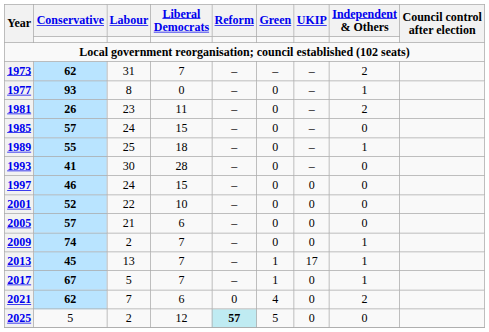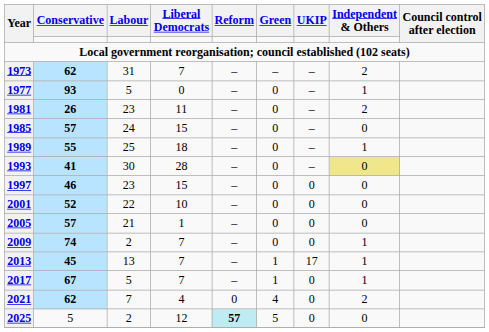 <table class="wikitable plainrowheaders" style="text-align:center">
 <tr>
 <th scope="col" rowspan="2">Year</th>
 <th scope="col"><a href='#'>Conservative</a></th>
 <th scope="col"><a href='#'>Labour</a></th>
 <th scope="col" style="width:1px"><a href='#'>Liberal Democrats</a></th>
 <th scope="col"><a href='#'>Reform</a></th>
 <th scope="col"><a href='#'>Green</a></th>
 <th scope="col"><a href='#'>UKIP</a></th>
 <th scope="col"><a href='#'>Independent</a><br>& Others</th>
 <th scope="col" rowspan="2" colspan="2">Council control<br>after election</th>
 </tr>
 <tr>
 <td style="background:"></td>
 <td style="background:"></td>
 <td style="background:"></td>
 <td style="background:"></td>
 <td style="background:"></td>
 <td style="background:"></td>
 <td style="background:"></td>
 </tr>
 <tr>
 <td colspan="10"><strong>Local government reorganisation; council established (102 seats)</strong></td>
 </tr>
 <tr>
 <th scope="row"><a href='#'>1973</a></th>
 <td style="background:#B9E4FF;"><strong>62</strong></td>
 <td>31</td>
 <td>7</td>
 <td>–</td>
 <td>–</td>
 <td>–</td>
 <td>2</td>
 <td></td>
 </tr>
 <tr>
 <th scope="row"><a href='#'>1977</a></th>
 <td style="background:#B9E4FF;"><strong>93</strong></td>
-<td>8</td>
+<td>5</td>
 <td>0</td>
 <td>–</td>
 <td>0</td>
 <td>–</td>
 <td>1</td>
 <td></td>
 </tr>
 <tr>
 <th scope="row"><a href='#'>1981</a></th>
 <td style="background:#B9E4FF;"><strong>26</strong></td>
 <td>23</td>
 <td>11</td>
 <td>–</td>
 <td>0</td>
 <td>–</td>
 <td>2</td>
 <td></td>
 </tr>
 <tr>
 <th scope="row"><a href='#'>1985</a></th>
 <td style="background:#B9E4FF;"><strong>57</strong></td>
 <td>24</td>
 <td>15</td>
 <td>–</td>
 <td>0</td>
 <td>–</td>
 <td>0</td>
 <td></td>
 </tr>
 <tr>
 <th scope="row"><a href='#'>1989</a></th>
 <td style="background:#B9E4FF;"><strong>55</strong></td>
 <td>25</td>
 <td>18</td>
 <td>–</td>
 <td>0</td>
 <td>–</td>
 <td>1</td>
 <td></td>
 </tr>
 <tr>
 <th scope="row"><a href='#'>1993</a></th>
 <td style="background:#B9E4FF;"><strong>41</strong></td>
 <td>30</td>
 <td>28</td>
 <td>–</td>
 <td>0</td>
 <td>–</td>
-<td>0</td>
+<td style="background: khaki;">0</td>
 <td></td>
 </tr>
 <tr>
 <th scope="row"><a href='#'>1997</a></th>
 <td style="background:#B9E4FF;"><strong>46</strong></td>
-<td>24</td>
+<td>23</td>
 <td>15</td>
 <td>–</td>
 <td>0</td>
 <td>0</td>
 <td>0</td>
 <td></td>
 </tr>
 <tr>
 <th scope="row"><a href='#'>2001</a></th>
 <td style="background:#B9E4FF;"><strong>52</strong></td>
 <td>22</td>
 <td>10</td>
 <td>–</td>
 <td>0</td>
 <td>0</td>
 <td>0</td>
 <td></td>
 </tr>
 <tr>
 <th scope="row"><a href='#'>2005</a></th>
 <td style="background:#B9E4FF;"><strong>57</strong></td>
 <td>21</td>
-<td>6</td>
+<td>1</td>
 <td>–</td>
 <td>0</td>
 <td>0</td>
 <td>0</td>
 <td></td>
 </tr>
 <tr>
 <th scope="row"><a href='#'>2009</a></th>
 <td style="background:#B9E4FF;"><strong>74</strong></td>
 <td>2</td>
 <td>7</td>
 <td>–</td>
 <td>0</td>
 <td>0</td>
 <td>1</td>
 <td></td>
 </tr>
 <tr>
 <th scope="row"><a href='#'>2013</a></th>
 <td style="background:#B9E4FF;"><strong>45</strong></td>
 <td>13</td>
 <td>7</td>
 <td>–</td>
 <td>1</td>
 <td>17</td>
 <td>1</td>
 <td></td>
 </tr>
 <tr>
 <th scope="row"><a href='#'>2017</a></th>
 <td style="background:#B9E4FF;"><strong>67</strong></td>
 <td>5</td>
 <td>7</td>
 <td>–</td>
 <td>1</td>
 <td>0</td>
 <td>1</td>
 <td></td>
 </tr>
 <tr>
 <th scope="row"><a href='#'>2021</a></th>
 <td style="background:#B9E4FF;"><strong>62</strong></td>
 <td>7</td>
-<td>6</td>
+<td>4</td>
 <td>0</td>
 <td>4</td>
 <td>0</td>
 <td>2</td>
 <td></td>
 </tr>
 <tr>
 <th scope="row"><a href='#'>2025</a></th>
 <td>5</td>
 <td>2</td>
 <td>12</td>
 <td style="background:#BFEBF2;"><strong>57</strong></td>
 <td>5</td>
 <td>0</td>
 <td>0</td>
 <td></td>
 </tr>
 <tr>
 </tr>
 </table>
